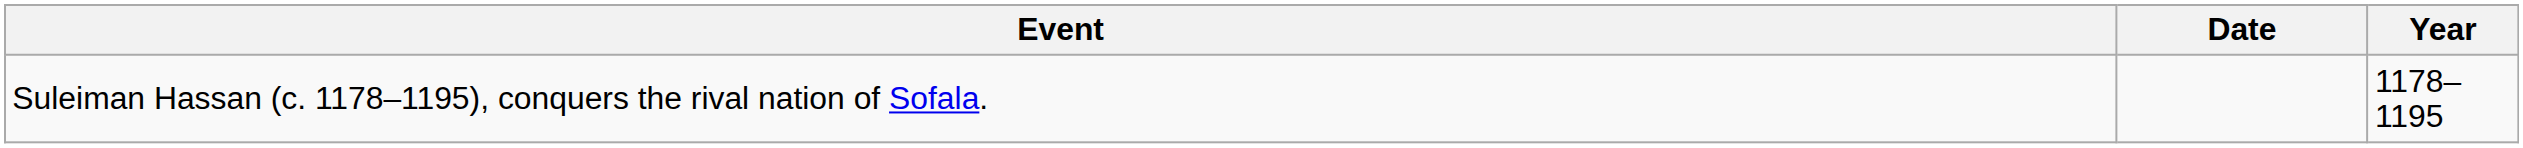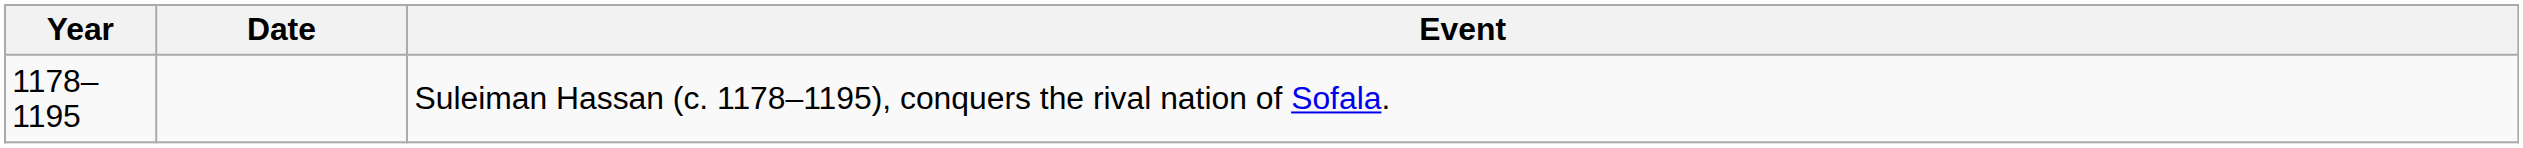 <table class="wikitable" width="100%">
 <tr>
+<th style="width:6%">Year</th>
+<th style="width:10%">Date</th>
 <th>Event</th>
-<th style="width:10%">Date</th>
-<th style="width:6%">Year</th>
 </tr>
 <tr>
+<td>1178–1195</td>
+<td></td>
 <td>Suleiman Hassan (c. 1178–1195), conquers the rival nation of <a href='#'>Sofala</a>.</td>
-<td></td>
-<td>1178–1195</td>
 </tr>
 </table>
